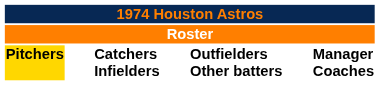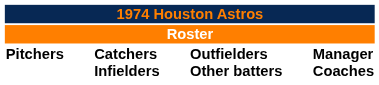 <table class="toccolours" style="text-align: left;">
 <tr>
 <th colspan="10" style="background-color: #072854; color: #FF7F00; text-align: center;">1974 Houston Astros</th>
 </tr>
 <tr>
 <td colspan="10" style="background-color: #FF7F00; color: white; text-align: center;"><strong>Roster</strong></td>
 </tr>
 <tr>
-<td valign="top" style="background: gold;"><strong>Pitchers</strong><br>              </td>
+<td valign="top"><strong>Pitchers</strong><br>              </td>
 <td width="25px"></td>
 <td valign="top"><strong>Catchers</strong><br>    <strong>Infielders</strong>         </td>
 <td width="25px"></td>
 <td valign="top"><strong>Outfielders</strong><br>      <strong>Other batters</strong> </td>
 <td width="25px"></td>
 <td valign="top"><strong>Manager</strong><br> <strong>Coaches</strong>    </td>
 </tr>
 </table>
